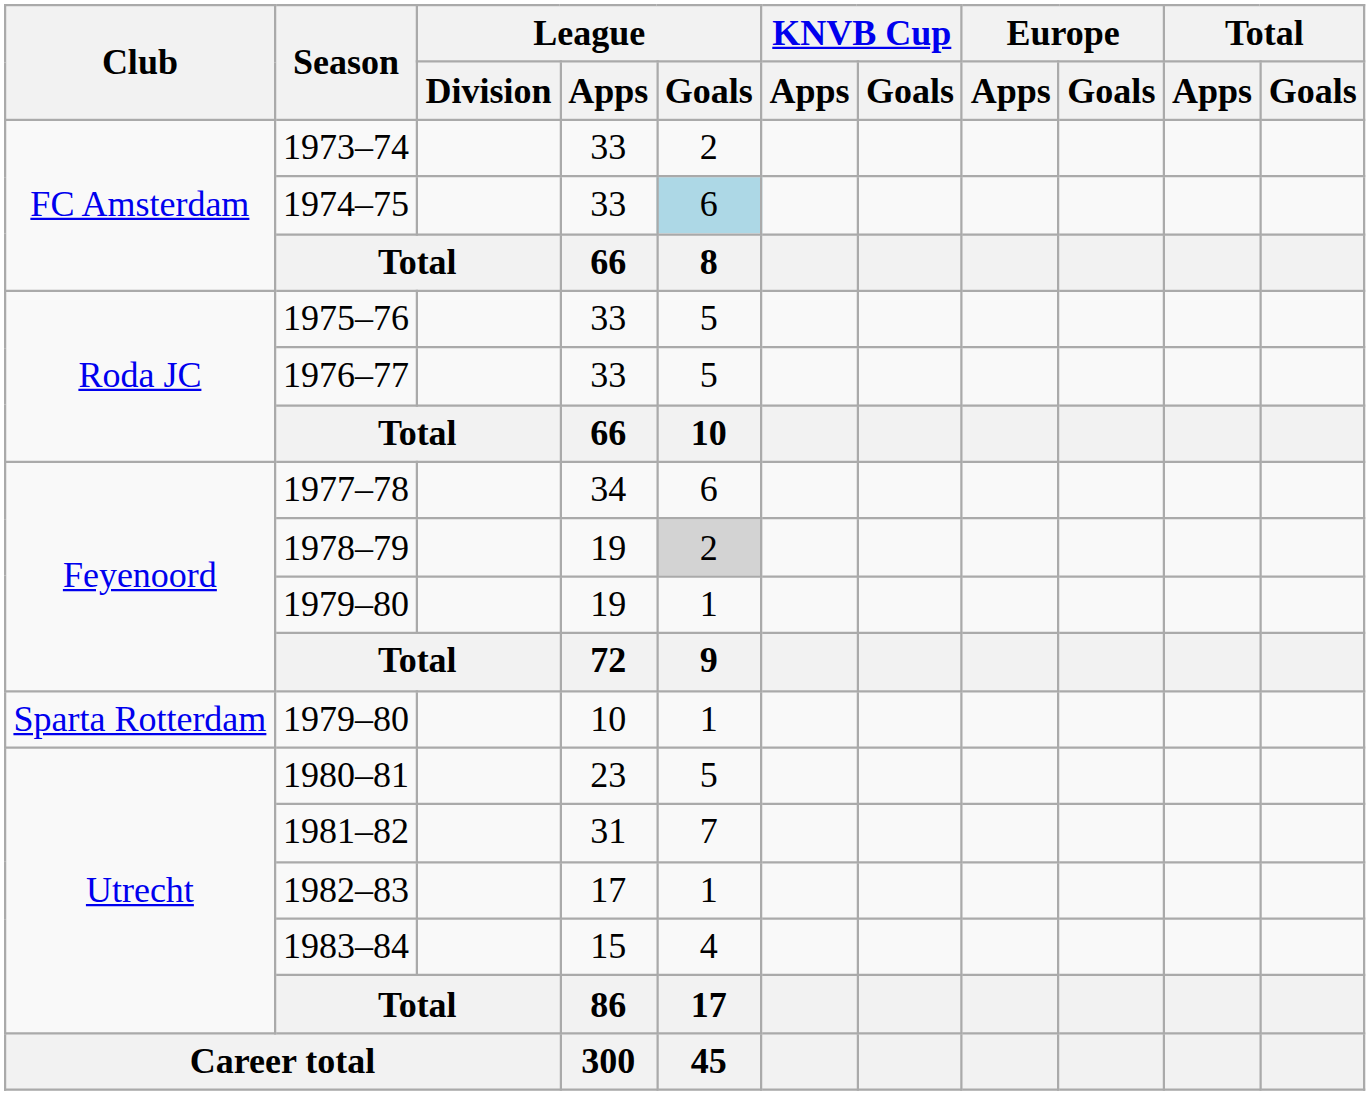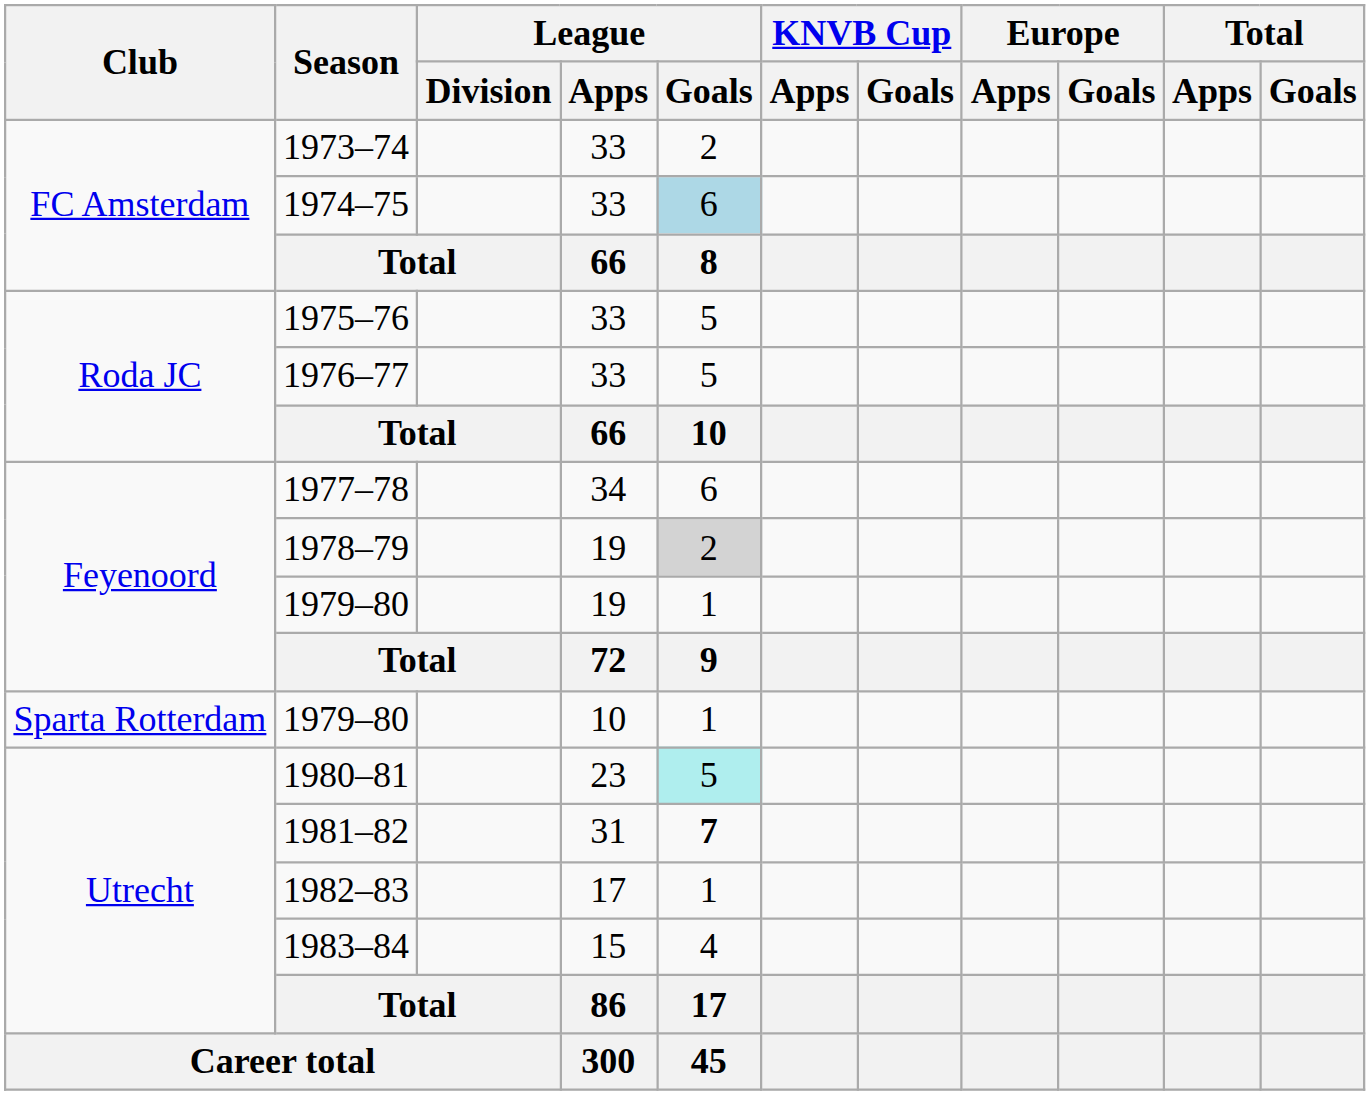 <table class="wikitable" style="text-align:center">
 <tr>
 <th rowspan="2">Club</th>
 <th rowspan="2">Season</th>
 <th colspan="3">League</th>
 <th colspan="2"><a href='#'>KNVB Cup</a></th>
 <th colspan="2">Europe</th>
 <th colspan="2">Total</th>
 </tr>
 <tr>
 <th>Division</th>
 <th>Apps</th>
 <th>Goals</th>
 <th>Apps</th>
 <th>Goals</th>
 <th>Apps</th>
 <th>Goals</th>
 <th>Apps</th>
 <th>Goals</th>
 </tr>
 <tr>
 <td rowspan="3"><a href='#'>FC Amsterdam</a></td>
 <td>1973–74</td>
 <td></td>
 <td>33</td>
 <td>2</td>
 <td></td>
 <td></td>
 <td></td>
 <td></td>
 <td></td>
 <td></td>
 </tr>
 <tr>
 <td>1974–75</td>
 <td></td>
 <td>33</td>
 <td style="background: lightblue;">6</td>
 <td></td>
 <td></td>
 <td></td>
 <td></td>
 <td></td>
 <td></td>
 </tr>
 <tr>
 <th colspan="2">Total</th>
 <th>66</th>
 <th>8</th>
 <th></th>
 <th></th>
 <th></th>
 <th></th>
 <th></th>
 <th></th>
 </tr>
 <tr>
 <td rowspan="3"><a href='#'>Roda JC</a></td>
 <td>1975–76</td>
 <td></td>
 <td>33</td>
 <td>5</td>
 <td></td>
 <td></td>
 <td></td>
 <td></td>
 <td></td>
 <td></td>
 </tr>
 <tr>
 <td>1976–77</td>
 <td></td>
 <td>33</td>
 <td>5</td>
 <td></td>
 <td></td>
 <td></td>
 <td></td>
 <td></td>
 <td></td>
 </tr>
 <tr>
 <th colspan="2">Total</th>
 <th>66</th>
 <th>10</th>
 <th></th>
 <th></th>
 <th></th>
 <th></th>
 <th></th>
 <th></th>
 </tr>
 <tr>
 <td rowspan="4"><a href='#'>Feyenoord</a></td>
 <td>1977–78</td>
 <td></td>
 <td>34</td>
 <td>6</td>
 <td></td>
 <td></td>
 <td></td>
 <td></td>
 <td></td>
 <td></td>
 </tr>
 <tr>
 <td>1978–79</td>
 <td></td>
 <td>19</td>
 <td style="background: lightgrey;">2</td>
 <td></td>
 <td></td>
 <td></td>
 <td></td>
 <td></td>
 <td></td>
 </tr>
 <tr>
 <td>1979–80</td>
 <td></td>
 <td>19</td>
 <td>1</td>
 <td></td>
 <td></td>
 <td></td>
 <td></td>
 <td></td>
 <td></td>
 </tr>
 <tr>
 <th colspan="2">Total</th>
 <th>72</th>
 <th>9</th>
 <th></th>
 <th></th>
 <th></th>
 <th></th>
 <th></th>
 <th></th>
 </tr>
 <tr>
 <td><a href='#'>Sparta Rotterdam</a></td>
 <td>1979–80</td>
 <td></td>
 <td>10</td>
 <td>1</td>
 <td></td>
 <td></td>
 <td></td>
 <td></td>
 <td></td>
 <td></td>
 </tr>
 <tr>
 <td rowspan="5"><a href='#'>Utrecht</a></td>
 <td>1980–81</td>
 <td></td>
 <td>23</td>
-<td>5</td>
+<td style="background: paleturquoise;">5</td>
 <td></td>
 <td></td>
 <td></td>
 <td></td>
 <td></td>
 <td></td>
 </tr>
 <tr>
 <td>1981–82</td>
 <td></td>
 <td>31</td>
-<td>7</td>
+<td><strong>7</strong></td>
 <td></td>
 <td></td>
 <td></td>
 <td></td>
 <td></td>
 <td></td>
 </tr>
 <tr>
 <td>1982–83</td>
 <td></td>
 <td>17</td>
 <td>1</td>
 <td></td>
 <td></td>
 <td></td>
 <td></td>
 <td></td>
 <td></td>
 </tr>
 <tr>
 <td>1983–84</td>
 <td></td>
 <td>15</td>
 <td>4</td>
 <td></td>
 <td></td>
 <td></td>
 <td></td>
 <td></td>
 <td></td>
 </tr>
 <tr>
 <th colspan="2">Total</th>
 <th>86</th>
 <th>17</th>
 <th></th>
 <th></th>
 <th></th>
 <th></th>
 <th></th>
 <th></th>
 </tr>
 <tr>
 <th colspan="3">Career total</th>
 <th>300</th>
 <th>45</th>
 <th></th>
 <th></th>
 <th></th>
 <th></th>
 <th></th>
 <th></th>
 </tr>
 </table>
